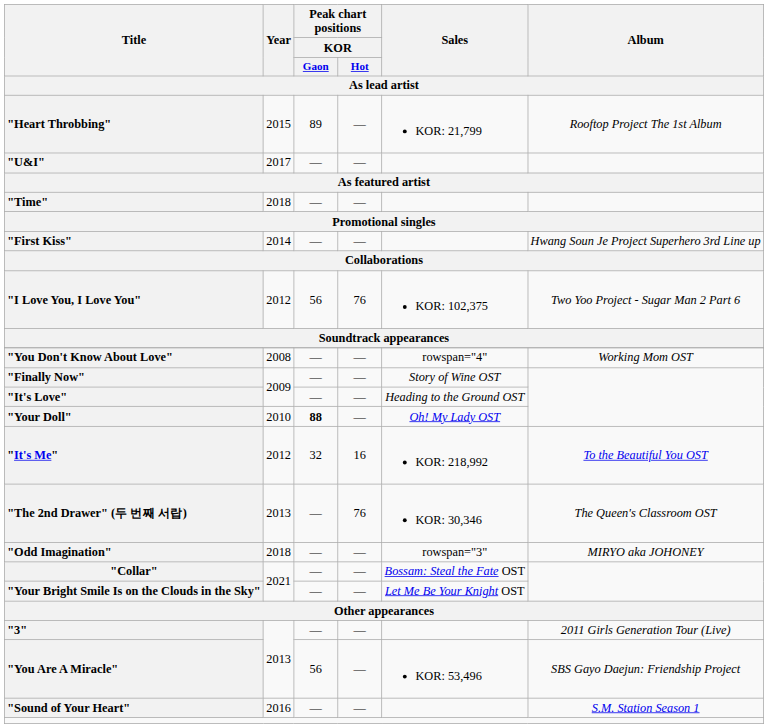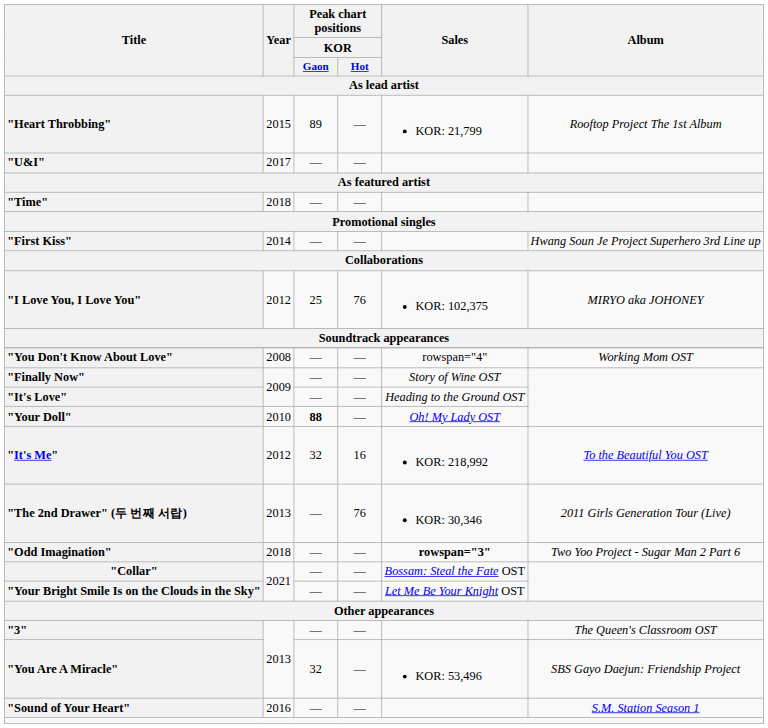 <table class="wikitable plainrowheaders" style="text-align:center;">
 <tr>
 <th scope="col" rowspan="3">Title</th>
 <th scope="col" rowspan="3">Year</th>
 <th scope="col" colspan="2">Peak chart<br>positions</th>
 <th scope="col" rowspan="3">Sales</th>
 <th scope="col" rowspan="3">Album</th>
 </tr>
 <tr>
 <th scope="col" colspan="2">KOR</th>
 </tr>
 <tr>
 <th scope="col" style="width:3.5em;font-size:90%;"><a href='#'>Gaon</a><br></th>
 <th scope="col" style="width:3.5em;font-size:90%;"><a href='#'>Hot</a><br></th>
 </tr>
 <tr>
 <th colspan="6">As lead artist</th>
 </tr>
 <tr>
 <th scope="row" style="text-align: left">"Heart Throbbing" <br></th>
 <td>2015</td>
 <td>89</td>
 <td>—</td>
 <td style="text-align: left;"><br><ul><li>KOR: 21,799</li></ul></td>
 <td><em>Rooftop Project The 1st Album</em></td>
 </tr>
 <tr>
 <th scope="row" style="text-align: left">"U&I" <br></th>
 <td>2017</td>
 <td>—</td>
 <td>—</td>
 <td></td>
 <td></td>
 </tr>
 <tr>
 <th colspan="6">As featured artist</th>
 </tr>
 <tr>
 <th scope="row" style="text-align: left;">"Time"<br></th>
 <td>2018</td>
 <td>—</td>
 <td>—</td>
 <td></td>
 <td></td>
 </tr>
 <tr>
 <th colspan="6">Promotional singles</th>
 </tr>
 <tr>
 <th scope="row" style="text-align: left;">"First Kiss"</th>
 <td>2014</td>
 <td>—</td>
 <td>—</td>
 <td></td>
 <td><em>Hwang Soun Je Project Superhero 3rd Line up</em></td>
 </tr>
 <tr>
 <th colspan="6">Collaborations</th>
 </tr>
 <tr>
 <th scope="row" style="text-align: left;">"I Love You, I Love You" <br></th>
 <td>2012</td>
-<td>56</td>
+<td>25</td>
 <td>76</td>
 <td style="text-align: left;"><br><ul><li>KOR: 102,375</li></ul></td>
-<td><em>Two Yoo Project - Sugar Man 2 Part 6</em></td>
+<td><em>MIRYO aka JOHONEY</em></td>
 </tr>
 <tr>
 <th colspan="6">Soundtrack appearances</th>
 </tr>
 <tr>
 </tr>
 <tr>
 <th scope="row" style="text-align: left;">"You Don't Know About Love" </th>
 <td>2008</td>
 <td>—</td>
 <td>—</td>
 <td>rowspan="4" </td>
 <td><em>Working Mom OST</em></td>
 </tr>
 <tr>
 <th scope="row" style="text-align: left;">"Finally Now"</th>
 <td rowspan="2">2009</td>
 <td>—</td>
 <td>—</td>
 <td><em>Story of Wine OST</em></td>
 </tr>
 <tr>
 <th scope="row" style="text-align: left;">"It's Love" <br></th>
 <td>—</td>
 <td>—</td>
 <td><em>Heading to the Ground OST</em></td>
 </tr>
 <tr>
 <th scope="row" style="text-align: left;">"Your Doll" </th>
 <td>2010</td>
 <td><strong>88</strong></td>
 <td>—</td>
 <td><em><a href='#'>Oh! My Lady OST</a></em></td>
 </tr>
 <tr>
 <th scope="row" style="text-align: left;">"<a href='#'>It's Me</a>" <br></th>
 <td>2012</td>
 <td>32</td>
 <td>16</td>
 <td style="text-align: left;"><br><ul><li>KOR: 218,992</li></ul></td>
 <td><em><a href='#'>To the Beautiful You OST</a></em></td>
 </tr>
 <tr>
 <th scope="row" style="text-align: left;">"The 2nd Drawer" (두 번째 서랍)</th>
 <td>2013</td>
 <td>—</td>
 <td>76</td>
 <td style="text-align: left;"><br><ul><li>KOR: 30,346</li></ul></td>
-<td><em>The Queen's Classroom OST</em></td>
+<td><em>2011 Girls Generation Tour (Live)</em></td>
 </tr>
 <tr>
 <th scope="row" style="text-align: left;">"Odd Imagination"<br></th>
 <td>2018</td>
 <td>—</td>
 <td>—</td>
-<td>rowspan="3" </td>
-<td><em>MIRYO aka JOHONEY</em></td>
+<td><strong>rowspan="3" </strong></td>
+<td><em>Two Yoo Project - Sugar Man 2 Part 6</em></td>
 </tr>
 <tr>
 <th scope="row">"Collar" </th>
 <td rowspan="2">2021</td>
 <td>—</td>
 <td>—</td>
 <td><em><a href='#'>Bossam: Steal the Fate</a></em> OST</td>
 </tr>
 <tr>
 <th scope="row">"Your Bright Smile Is on the Clouds in the Sky" <br></th>
 <td>—</td>
 <td>—</td>
 <td><em><a href='#'>Let Me Be Your Knight</a></em> OST</td>
 </tr>
 <tr>
 <th colspan="6">Other appearances</th>
 </tr>
 <tr>
 <th scope="row" style="text-align: left;">"3"</th>
 <td rowspan="2">2013</td>
 <td>—</td>
 <td>—</td>
 <td></td>
-<td><em>2011 Girls Generation Tour (Live)</em></td>
+<td><em>The Queen's Classroom OST</em></td>
 </tr>
 <tr>
 <th scope="row" style="text-align: left;">"You Are A Miracle"<br></th>
-<td>56</td>
+<td>32</td>
 <td>—</td>
 <td style="text-align: left;"><br><ul><li>KOR: 53,496</li></ul></td>
 <td><em>SBS Gayo Daejun: Friendship Project</em></td>
 </tr>
 <tr>
 <th scope="row" style="text-align: left;">"Sound of Your Heart" <br></th>
 <td>2016</td>
 <td>—</td>
 <td>—</td>
 <td></td>
 <td><em><a href='#'>S.M. Station Season 1</a></em></td>
 </tr>
 <tr>
 <td colspan="7" style="text-align:center"></td>
 </tr>
 </table>
